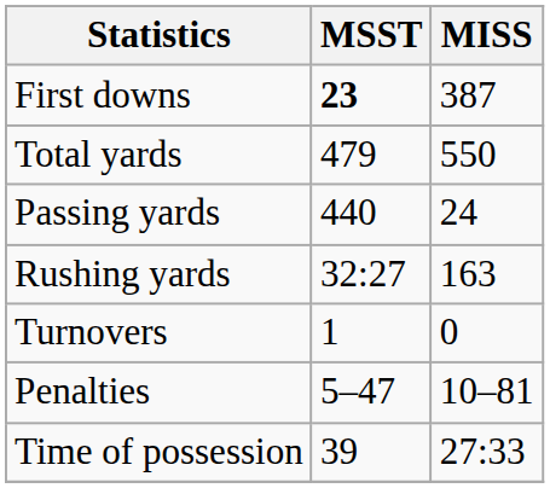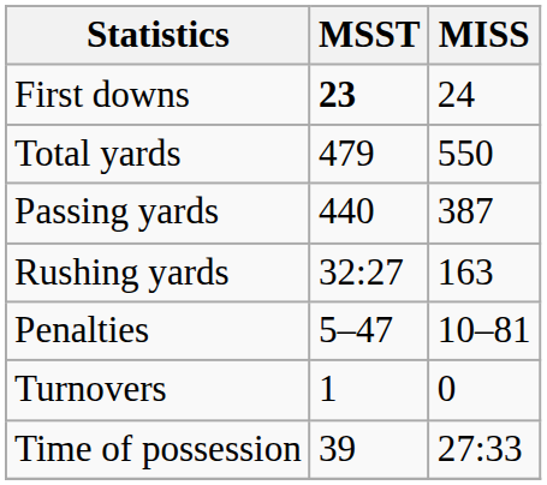 <table class="wikitable" style="float: left;">
 <tr>
 <th>Statistics</th>
 <th>MSST</th>
 <th>MISS</th>
 </tr>
 <tr>
 <td>First downs</td>
 <td><strong>23</strong></td>
-<td>387</td>
+<td>24</td>
 </tr>
 <tr>
 <td>Total yards</td>
 <td>479</td>
 <td>550</td>
 </tr>
 <tr>
 <td>Passing yards</td>
 <td>440</td>
-<td>24</td>
+<td>387</td>
 </tr>
 <tr>
 <td>Rushing yards</td>
 <td>32:27</td>
 <td>163</td>
 </tr>
 <tr>
+<td>Penalties</td>
+<td>5–47</td>
+<td>10–81</td>
+</tr>
+<tr>
 <td>Turnovers</td>
 <td>1</td>
 <td>0</td>
-</tr>
-<tr>
-<td>Penalties</td>
-<td>5–47</td>
-<td>10–81</td>
 </tr>
 <tr>
 <td>Time of possession</td>
 <td>39</td>
 <td>27:33</td>
 </tr>
 <tr>
 </tr>
 </table>
